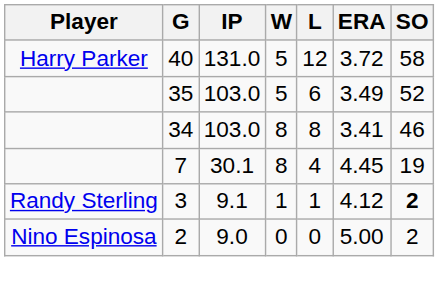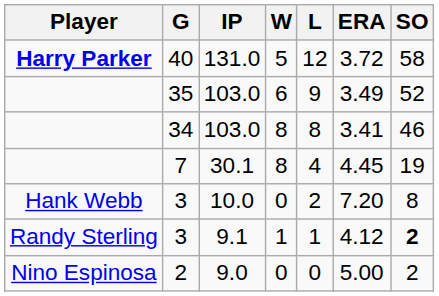 <table class="wikitable sortable">
 <tr>
 <th>Player</th>
 <th>G</th>
 <th>IP</th>
 <th>W</th>
 <th>L</th>
 <th>ERA</th>
 <th>SO</th>
 </tr>
 <tr align="center">
-<td><a href='#'>Harry Parker</a></td>
+<td><strong><a href='#'>Harry Parker</a></strong></td>
 <td>40</td>
 <td>131.0</td>
 <td>5</td>
 <td>12</td>
 <td>3.72</td>
 <td>58</td>
 </tr>
 <tr align="center">
 <td></td>
 <td>35</td>
 <td>103.0</td>
-<td>5</td>
 <td>6</td>
+<td>9</td>
 <td>3.49</td>
 <td>52</td>
 </tr>
 <tr align=center>
 <td></td>
 <td>34</td>
 <td>103.0</td>
 <td>8</td>
 <td>8</td>
 <td>3.41</td>
 <td>46</td>
 </tr>
 <tr align="center">
 <td></td>
 <td>7</td>
 <td>30.1</td>
 <td>8</td>
 <td>4</td>
 <td>4.45</td>
 <td>19</td>
 </tr>
 <tr align="center">
+<td><a href='#'>Hank Webb</a></td>
+<td>3</td>
+<td>10.0</td>
+<td>0</td>
+<td>2</td>
+<td>7.20</td>
+<td>8</td>
+</tr>
+<tr align="center">
 <td><a href='#'>Randy Sterling</a></td>
 <td>3</td>
 <td>9.1</td>
 <td>1</td>
 <td>1</td>
 <td>4.12</td>
 <td><strong>2</strong></td>
 </tr>
 <tr align="center">
 <td><a href='#'>Nino Espinosa</a></td>
 <td>2</td>
 <td>9.0</td>
 <td>0</td>
 <td>0</td>
 <td>5.00</td>
 <td>2</td>
 </tr>
 </table>
